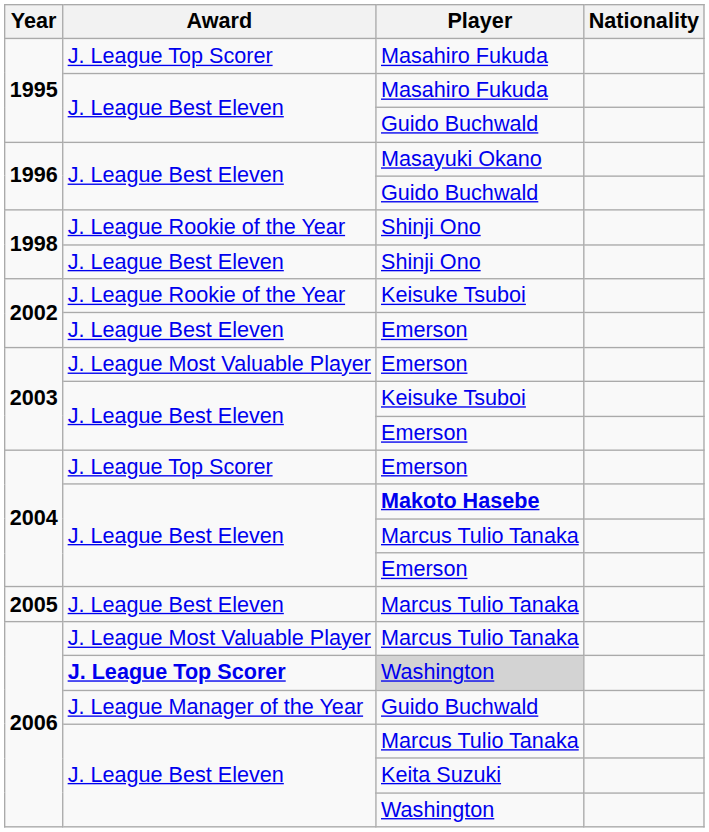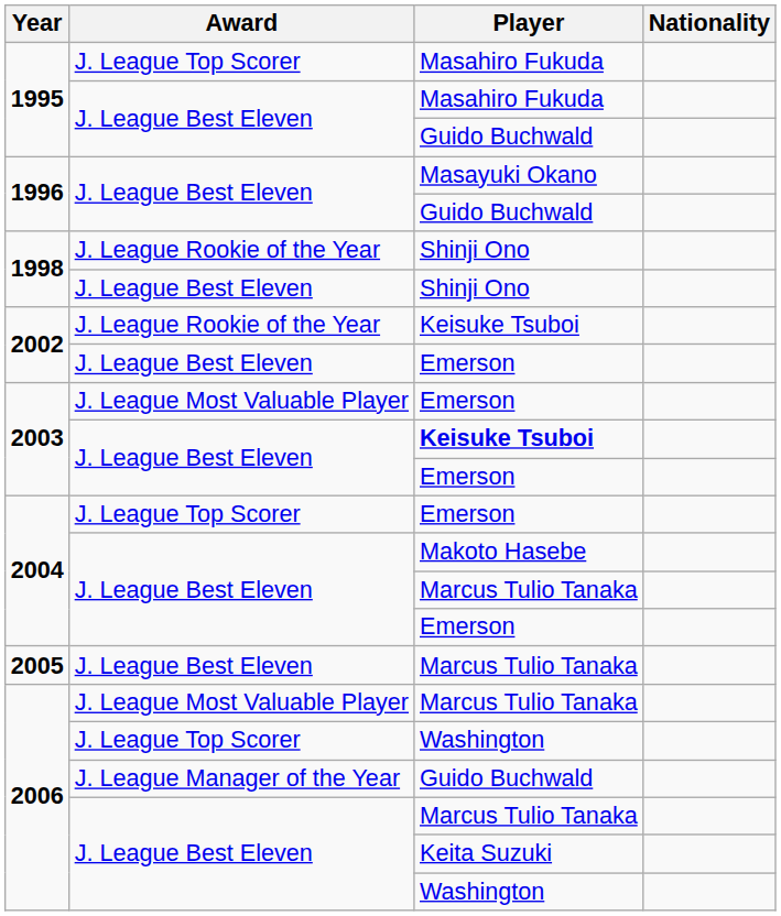 <table class="wikitable">
 <tr>
 <th>Year</th>
 <th>Award</th>
 <th>Player</th>
 <th>Nationality</th>
 </tr>
 <tr>
 <td rowspan="3"><strong>1995</strong></td>
 <td><a href='#'>J. League Top Scorer</a></td>
 <td><a href='#'>Masahiro Fukuda</a></td>
 <td></td>
 </tr>
 <tr>
 <td rowspan="2"><a href='#'>J. League Best Eleven</a></td>
 <td><a href='#'>Masahiro Fukuda</a></td>
 <td></td>
 </tr>
 <tr>
 <td><a href='#'>Guido Buchwald</a></td>
 <td></td>
 </tr>
 <tr>
 <td rowspan="2"><strong>1996</strong></td>
 <td rowspan="2"><a href='#'>J. League Best Eleven</a></td>
 <td><a href='#'>Masayuki Okano</a></td>
 <td></td>
 </tr>
 <tr>
 <td><a href='#'>Guido Buchwald</a></td>
 <td></td>
 </tr>
 <tr>
 <td rowspan="2"><strong>1998</strong></td>
 <td><a href='#'>J. League Rookie of the Year</a></td>
 <td><a href='#'>Shinji Ono</a></td>
 <td></td>
 </tr>
 <tr>
 <td><a href='#'>J. League Best Eleven</a></td>
 <td><a href='#'>Shinji Ono</a></td>
 <td></td>
 </tr>
 <tr>
 <td rowspan="2"><strong>2002</strong></td>
 <td><a href='#'>J. League Rookie of the Year</a></td>
 <td><a href='#'>Keisuke Tsuboi</a></td>
 <td></td>
 </tr>
 <tr>
 <td><a href='#'>J. League Best Eleven</a></td>
 <td><a href='#'>Emerson</a></td>
 <td></td>
 </tr>
 <tr>
 <td rowspan="3"><strong>2003</strong></td>
 <td><a href='#'>J. League Most Valuable Player</a></td>
 <td><a href='#'>Emerson</a></td>
 <td></td>
 </tr>
 <tr>
 <td rowspan="2"><a href='#'>J. League Best Eleven</a></td>
-<td><a href='#'>Keisuke Tsuboi</a></td>
+<td><strong><a href='#'>Keisuke Tsuboi</a></strong></td>
 <td></td>
 </tr>
 <tr>
 <td><a href='#'>Emerson</a></td>
 <td></td>
 </tr>
 <tr>
 <td rowspan="4"><strong>2004</strong></td>
 <td><a href='#'>J. League Top Scorer</a></td>
 <td><a href='#'>Emerson</a></td>
 <td></td>
 </tr>
 <tr>
 <td rowspan="3"><a href='#'>J. League Best Eleven</a></td>
-<td><strong><a href='#'>Makoto Hasebe</a></strong></td>
+<td><a href='#'>Makoto Hasebe</a></td>
 <td></td>
 </tr>
 <tr>
 <td><a href='#'>Marcus Tulio Tanaka</a></td>
 <td></td>
 </tr>
 <tr>
 <td><a href='#'>Emerson</a></td>
 <td></td>
 </tr>
 <tr>
 <td><strong>2005</strong></td>
 <td><a href='#'>J. League Best Eleven</a></td>
 <td><a href='#'>Marcus Tulio Tanaka</a></td>
 <td></td>
 </tr>
 <tr>
 <td rowspan="6"><strong>2006</strong></td>
 <td><a href='#'>J. League Most Valuable Player</a></td>
 <td><a href='#'>Marcus Tulio Tanaka</a></td>
 <td></td>
 </tr>
 <tr>
-<td><strong><a href='#'>J. League Top Scorer</a></strong></td>
-<td style="background: lightgrey;"><a href='#'>Washington</a></td>
+<td><a href='#'>J. League Top Scorer</a></td>
+<td><a href='#'>Washington</a></td>
 <td></td>
 </tr>
 <tr>
 <td><a href='#'>J. League Manager of the Year</a></td>
 <td><a href='#'>Guido Buchwald</a></td>
 <td></td>
 </tr>
 <tr>
 <td rowspan="3"><a href='#'>J. League Best Eleven</a></td>
 <td><a href='#'>Marcus Tulio Tanaka</a></td>
 <td></td>
 </tr>
 <tr>
 <td><a href='#'>Keita Suzuki</a></td>
 <td></td>
 </tr>
 <tr>
 <td><a href='#'>Washington</a></td>
 <td></td>
 </tr>
 </table>
